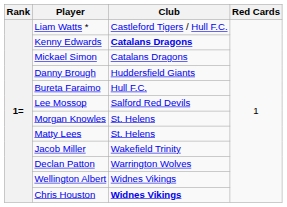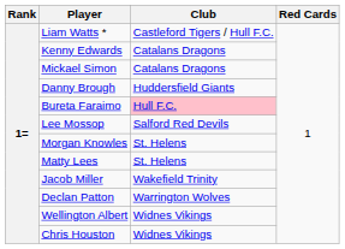 <table class="wikitable sortable" style="text-align:left">
 <tr>
 <th>Rank</th>
 <th>Player</th>
 <th>Club</th>
 <th> Red Cards</th>
 </tr>
 <tr>
 <th rowspan=12>1=</th>
 <td> <a href='#'>Liam Watts</a> *</td>
 <td> <a href='#'>Castleford Tigers</a> /  <a href='#'>Hull F.C.</a></td>
 <td rowspan=12 style="text-align: center;">1</td>
 </tr>
 <tr>
 <td> <a href='#'>Kenny Edwards</a></td>
-<td><strong> <a href='#'>Catalans Dragons</a></strong></td>
+<td> <a href='#'>Catalans Dragons</a></td>
 </tr>
 <tr>
 <td> <a href='#'>Mickael Simon</a></td>
 <td> <a href='#'>Catalans Dragons</a></td>
 </tr>
 <tr>
 <td> <a href='#'>Danny Brough</a></td>
 <td> <a href='#'>Huddersfield Giants</a></td>
 </tr>
 <tr>
 <td> <a href='#'>Bureta Faraimo</a></td>
-<td> <a href='#'>Hull F.C.</a></td>
+<td style="background: pink;"> <a href='#'>Hull F.C.</a></td>
 </tr>
 <tr>
 <td> <a href='#'>Lee Mossop</a></td>
 <td> <a href='#'>Salford Red Devils</a></td>
 </tr>
 <tr>
 <td> <a href='#'>Morgan Knowles</a></td>
 <td> <a href='#'>St. Helens</a></td>
 </tr>
 <tr>
 <td> <a href='#'>Matty Lees</a></td>
 <td> <a href='#'>St. Helens</a></td>
 </tr>
 <tr>
 <td> <a href='#'>Jacob Miller</a></td>
 <td> <a href='#'>Wakefield Trinity</a></td>
 </tr>
 <tr>
 <td> <a href='#'>Declan Patton</a></td>
 <td> <a href='#'>Warrington Wolves</a></td>
 </tr>
 <tr>
 <td> <a href='#'>Wellington Albert</a></td>
 <td> <a href='#'>Widnes Vikings</a></td>
 </tr>
 <tr>
 <td> <a href='#'>Chris Houston</a></td>
-<td><strong> <a href='#'>Widnes Vikings</a></strong></td>
+<td> <a href='#'>Widnes Vikings</a></td>
 </tr>
 </table>
